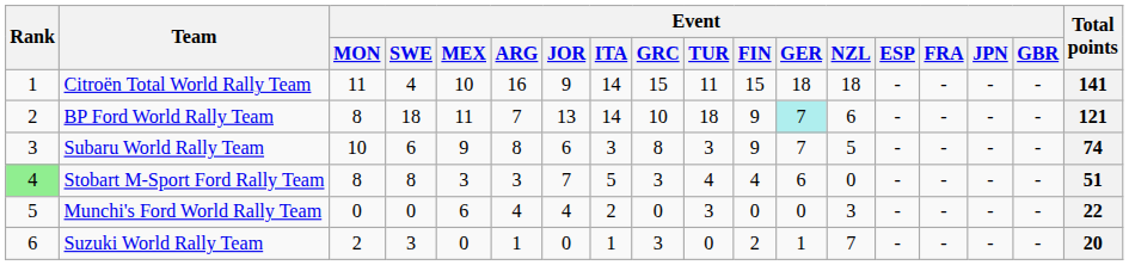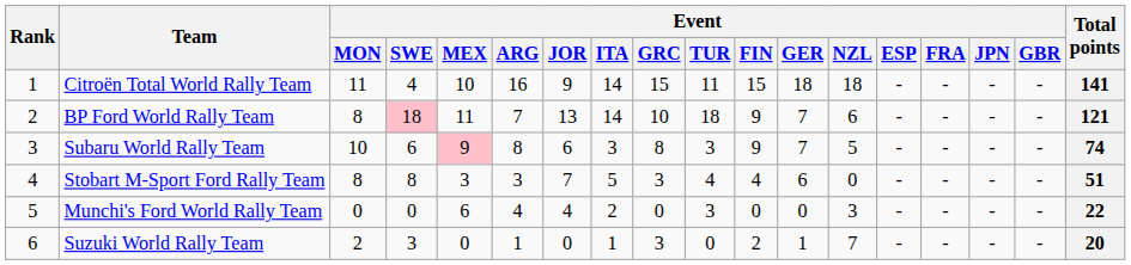 <table class="wikitable" style="text-align:center; font-size:90%;">
 <tr>
 <th rowspan=2>Rank</th>
 <th rowspan=2>Team</th>
 <th colspan=15>Event</th>
 <th rowspan=2>Total<br>points</th>
 </tr>
 <tr valign="top">
 <th><a href='#'>MON</a><br></th>
 <th><a href='#'>SWE</a><br></th>
 <th><a href='#'>MEX</a><br></th>
 <th><a href='#'>ARG</a><br></th>
 <th><a href='#'>JOR</a><br></th>
 <th><a href='#'>ITA</a><br></th>
 <th><a href='#'>GRC</a><br></th>
 <th><a href='#'>TUR</a><br></th>
 <th><a href='#'>FIN</a><br></th>
 <th><a href='#'>GER</a><br></th>
 <th><a href='#'>NZL</a><br></th>
 <th><a href='#'>ESP</a><br></th>
 <th><a href='#'>FRA</a><br></th>
 <th><a href='#'>JPN</a><br></th>
 <th><a href='#'>GBR</a><br></th>
 </tr>
 <tr>
 <td>1</td>
 <td align="left"> <a href='#'>Citroën Total World Rally Team</a></td>
 <td>11</td>
 <td>4</td>
 <td>10</td>
 <td>16</td>
 <td>9</td>
 <td>14</td>
 <td>15</td>
 <td>11</td>
 <td>15</td>
 <td>18</td>
 <td>18</td>
 <td>-</td>
 <td>-</td>
 <td>-</td>
 <td>-</td>
 <th>141</th>
 </tr>
 <tr>
 <td>2</td>
 <td align="left"> <a href='#'>BP Ford World Rally Team</a></td>
 <td>8</td>
-<td>18</td>
+<td style="background: pink;">18</td>
 <td>11</td>
 <td>7</td>
 <td>13</td>
 <td>14</td>
 <td>10</td>
 <td>18</td>
 <td>9</td>
-<td style="background: paleturquoise;">7</td>
+<td>7</td>
 <td>6</td>
 <td>-</td>
 <td>-</td>
 <td>-</td>
 <td>-</td>
 <th>121</th>
 </tr>
 <tr>
 <td>3</td>
 <td align="left"> <a href='#'>Subaru World Rally Team</a></td>
 <td>10</td>
 <td>6</td>
-<td>9</td>
+<td style="background: pink;">9</td>
 <td>8</td>
 <td>6</td>
 <td>3</td>
 <td>8</td>
 <td>3</td>
 <td>9</td>
 <td>7</td>
 <td>5</td>
 <td>-</td>
 <td>-</td>
 <td>-</td>
 <td>-</td>
 <th>74</th>
 </tr>
 <tr>
-<td style="background: lightgreen;">4</td>
+<td>4</td>
 <td align="left"> <a href='#'>Stobart M-Sport Ford Rally Team</a></td>
 <td>8</td>
 <td>8</td>
 <td>3</td>
 <td>3</td>
 <td>7</td>
 <td>5</td>
 <td>3</td>
 <td>4</td>
 <td>4</td>
 <td>6</td>
 <td>0</td>
 <td>-</td>
 <td>-</td>
 <td>-</td>
 <td>-</td>
 <th>51</th>
 </tr>
 <tr>
 <td>5</td>
 <td align="left"> <a href='#'>Munchi's Ford World Rally Team</a></td>
 <td>0</td>
 <td>0</td>
 <td>6</td>
 <td>4</td>
 <td>4</td>
 <td>2</td>
 <td>0</td>
 <td>3</td>
 <td>0</td>
 <td>0</td>
 <td>3</td>
 <td>-</td>
 <td>-</td>
 <td>-</td>
 <td>-</td>
 <th>22</th>
 </tr>
 <tr>
 <td>6</td>
 <td align="left"> <a href='#'>Suzuki World Rally Team</a></td>
 <td>2</td>
 <td>3</td>
 <td>0</td>
 <td>1</td>
 <td>0</td>
 <td>1</td>
 <td>3</td>
 <td>0</td>
 <td>2</td>
 <td>1</td>
 <td>7</td>
 <td>-</td>
 <td>-</td>
 <td>-</td>
 <td>-</td>
 <th>20</th>
 </tr>
 </table>
